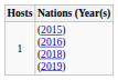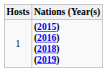 <table class="wikitable">
 <tr>
 <th>Hosts</th>
 <th>Nations (Year(s)</th>
 </tr>
 <tr>
 <td align=center>1</td>
-<td> (<a href='#'>2015</a>)<br> (<a href='#'>2016</a>)<br> (<a href='#'>2018</a>)<br> (<a href='#'>2019</a>)</td>
+<td><strong> (<a href='#'>2015</a>)<br> (<a href='#'>2016</a>)<br> (<a href='#'>2018</a>)<br> (<a href='#'>2019</a>)</strong></td>
 </tr>
 </table>
